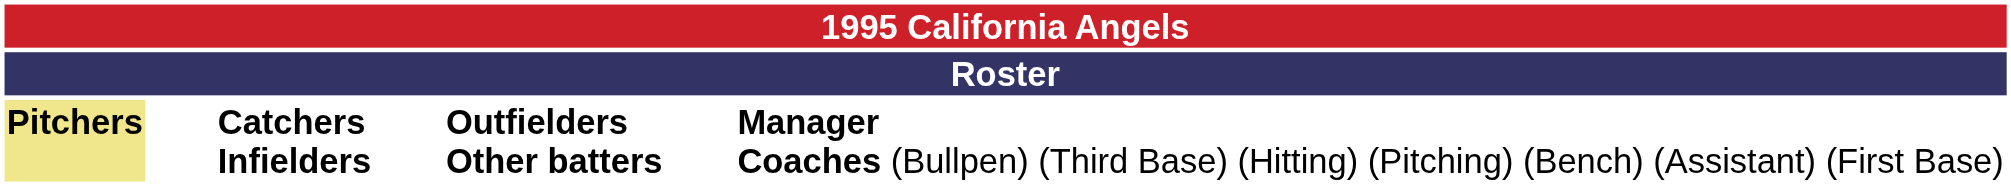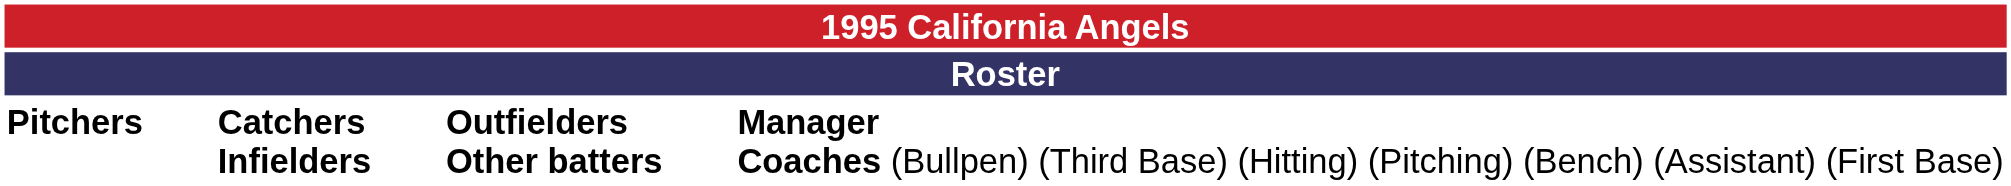 <table class="toccolours" style="font-size: 95%;">
 <tr>
 <th colspan="10" style="background-color: #CE2029; color: white; text-align: center;">1995 California Angels</th>
 </tr>
 <tr>
 <td colspan="10" style="background-color:#333366; color: white; text-align: center;"><strong>Roster</strong></td>
 </tr>
 <tr>
-<td valign="top" style="background: khaki;"><strong>Pitchers</strong><br>                   </td>
+<td valign="top"><strong>Pitchers</strong><br>                   </td>
 <td width="25px"></td>
 <td valign="top"><strong>Catchers</strong><br>     <strong>Infielders</strong>            </td>
 <td width="25px"></td>
 <td valign="top"><strong>Outfielders</strong><br>      <strong>Other batters</strong>  </td>
 <td width="25px"></td>
 <td valign="top"><strong>Manager</strong><br> <strong>Coaches</strong>  (Bullpen)  (Third Base)  (Hitting)  (Pitching)  (Bench)  (Assistant)  (First Base)</td>
 </tr>
 </table>
